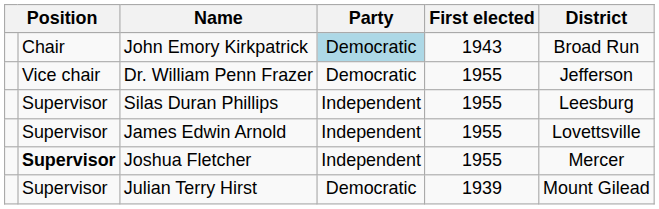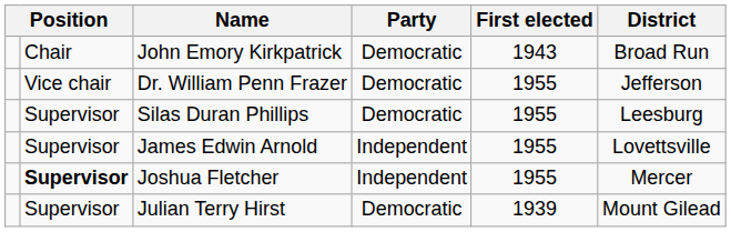 <table class="wikitable">
 <tr>
 <th colspan="2">Position</th>
 <th>Name</th>
 <th>Party</th>
 <th>First elected</th>
 <th>District</th>
 </tr>
 <tr>
 <td style="background-color:"> </td>
 <td>Chair</td>
 <td>John Emory Kirkpatrick</td>
-<td style="background: lightblue; text-align:center;">Democratic</td>
+<td style="text-align:center;">Democratic</td>
 <td style="text-align:center;">1943</td>
 <td style="text-align:center;">Broad Run</td>
 </tr>
 <tr>
 <td style="background-color:"> </td>
 <td>Vice chair</td>
 <td>Dr. William Penn Frazer</td>
 <td style="text-align:center;">Democratic</td>
 <td style="text-align:center;">1955</td>
 <td style="text-align:center;">Jefferson</td>
 </tr>
 <tr>
 <td style="background-color:"> </td>
 <td>Supervisor</td>
 <td>Silas Duran Phillips</td>
-<td style="text-align:center;">Independent</td>
+<td style="text-align:center;">Democratic</td>
 <td style="text-align:center;">1955</td>
 <td style="text-align:center;">Leesburg</td>
 </tr>
 <tr>
 <td style="background-color:"> </td>
 <td>Supervisor</td>
 <td>James Edwin Arnold</td>
 <td style="text-align:center;">Independent</td>
 <td style="text-align:center;">1955</td>
 <td style="text-align:center;">Lovettsville</td>
 </tr>
 <tr>
 <td style="background-color:"> </td>
 <td><strong>Supervisor</strong></td>
 <td>Joshua Fletcher</td>
 <td style="text-align:center;">Independent</td>
 <td style="text-align:center;">1955</td>
 <td style="text-align:center;">Mercer</td>
 </tr>
 <tr>
 <td style="background-color:"> </td>
 <td>Supervisor</td>
 <td>Julian Terry Hirst</td>
 <td style="text-align:center;">Democratic</td>
 <td style="text-align:center;">1939</td>
 <td style="text-align:center;">Mount Gilead</td>
 </tr>
 </table>
